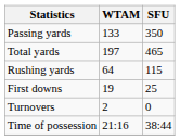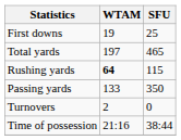 <table class="wikitable" style="float: left;">
 <tr>
 <th>Statistics</th>
 <th>WTAM</th>
 <th>SFU</th>
 </tr>
 <tr>
-<td>Passing yards</td>
-<td>133</td>
-<td>350</td>
+<td>First downs</td>
+<td>19</td>
+<td>25</td>
 </tr>
 <tr>
 <td>Total yards</td>
 <td>197</td>
 <td>465</td>
 </tr>
 <tr>
 <td>Rushing yards</td>
-<td>64</td>
+<td><strong>64</strong></td>
 <td>115</td>
 </tr>
 <tr>
-<td>First downs</td>
-<td>19</td>
-<td>25</td>
+<td>Passing yards</td>
+<td>133</td>
+<td>350</td>
 </tr>
 <tr>
 <td>Turnovers</td>
 <td>2</td>
 <td>0</td>
 </tr>
 <tr>
 <td>Time of possession</td>
 <td>21:16</td>
 <td>38:44</td>
 </tr>
 <tr>
 </tr>
 </table>
